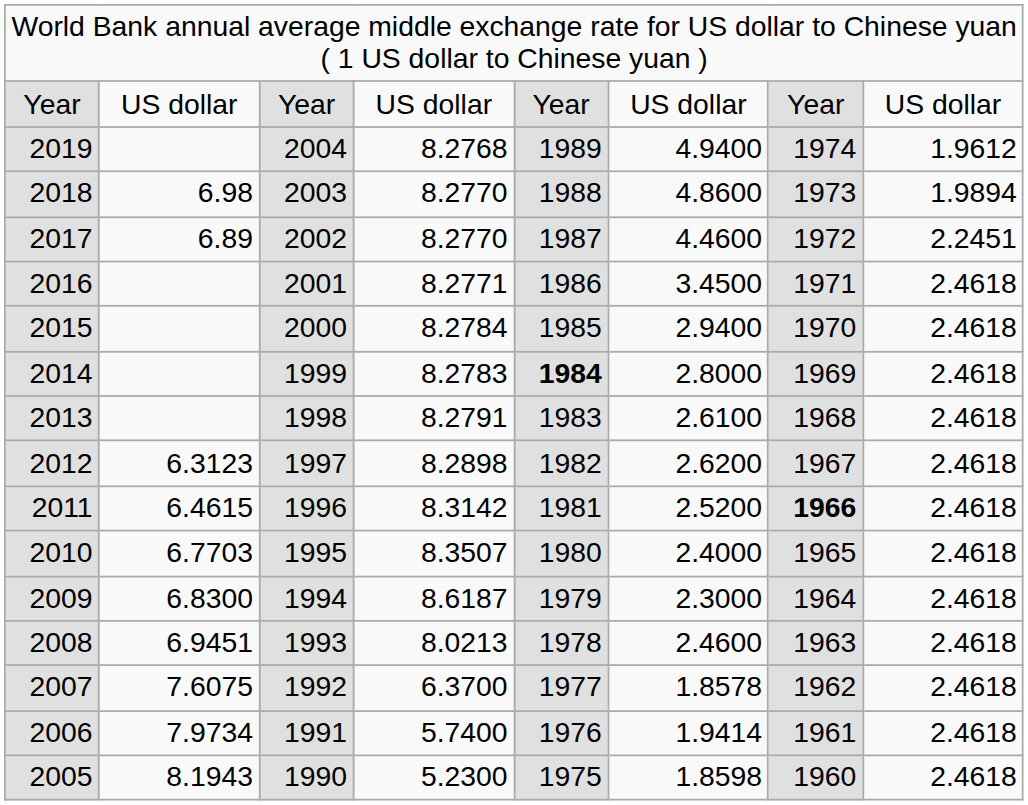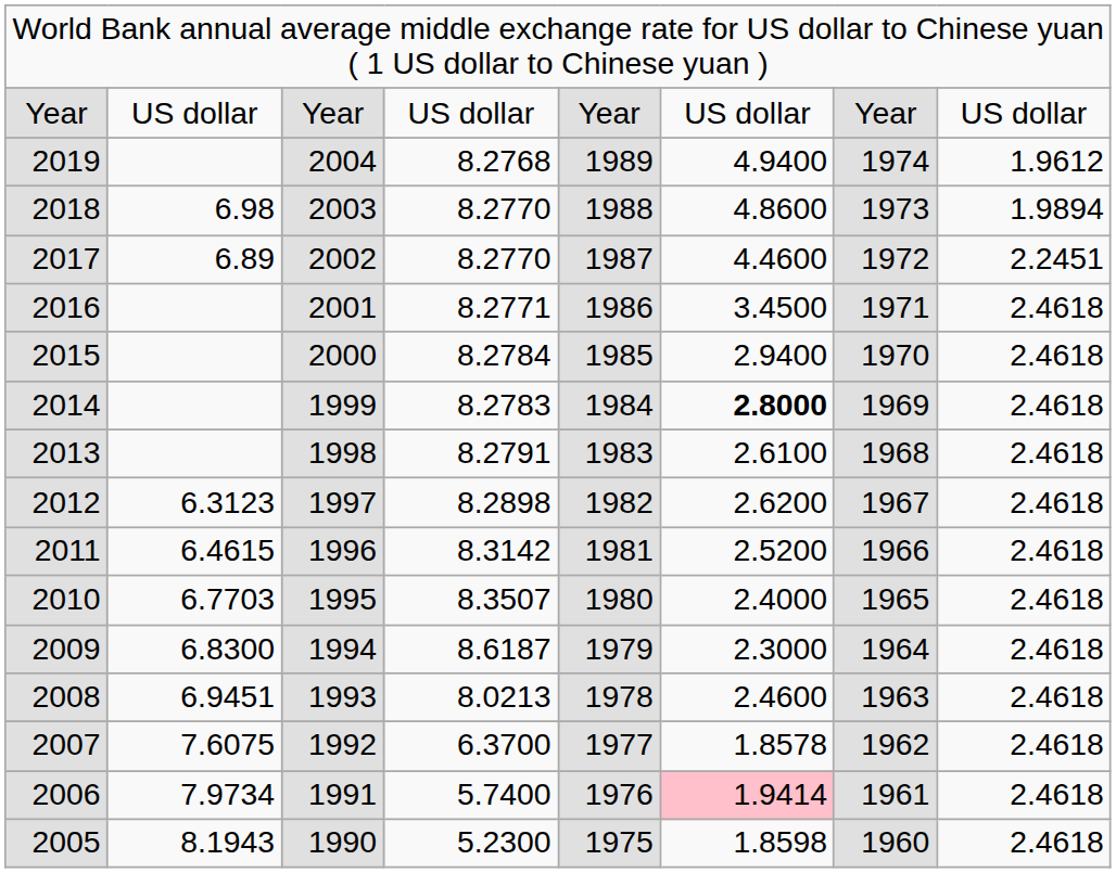 <table class="wikitable">
 <tr align=center>
 <td colspan=8>World Bank annual average middle exchange rate for US dollar to Chinese yuan<br>( 1 US dollar to Chinese yuan )</td>
 </tr>
 <tr align=center>
 <td bgcolor=#E0E0E0>Year</td>
 <td>US dollar</td>
 <td bgcolor=#E0E0E0>Year</td>
 <td>US dollar</td>
 <td bgcolor=#E0E0E0>Year</td>
 <td>US dollar</td>
 <td bgcolor=#E0E0E0>Year</td>
 <td>US dollar</td>
 </tr>
 <tr align=right>
 <td bgcolor=#E0E0E0>2019</td>
 <td></td>
 <td bgcolor=#E0E0E0>2004</td>
 <td>8.2768</td>
 <td bgcolor=#E0E0E0>1989</td>
 <td>4.9400</td>
 <td bgcolor=#E0E0E0>1974</td>
 <td>1.9612</td>
 </tr>
 <tr align=right>
 <td bgcolor=#E0E0E0>2018</td>
 <td>6.98</td>
 <td bgcolor="#E0E0E0">2003</td>
 <td>8.2770</td>
 <td bgcolor=#E0E0E0>1988</td>
 <td>4.8600</td>
 <td bgcolor=#E0E0E0>1973</td>
 <td>1.9894</td>
 </tr>
 <tr align=right>
 <td bgcolor=#E0E0E0>2017</td>
 <td>6.89</td>
 <td bgcolor="#E0E0E0">2002</td>
 <td>8.2770</td>
 <td bgcolor=#E0E0E0>1987</td>
 <td>4.4600</td>
 <td bgcolor=#E0E0E0>1972</td>
 <td>2.2451</td>
 </tr>
 <tr align=right>
 <td bgcolor=#E0E0E0>2016</td>
 <td></td>
 <td bgcolor=#E0E0E0>2001</td>
 <td>8.2771</td>
 <td bgcolor=#E0E0E0>1986</td>
 <td>3.4500</td>
 <td bgcolor=#E0E0E0>1971</td>
 <td>2.4618</td>
 </tr>
 <tr align=right>
 <td bgcolor=#E0E0E0>2015</td>
 <td></td>
 <td bgcolor=#E0E0E0>2000</td>
 <td>8.2784</td>
 <td bgcolor=#E0E0E0>1985</td>
 <td>2.9400</td>
 <td bgcolor=#E0E0E0>1970</td>
 <td>2.4618</td>
 </tr>
 <tr align=right>
 <td bgcolor=#E0E0E0>2014</td>
 <td></td>
 <td bgcolor=#E0E0E0>1999</td>
 <td>8.2783</td>
-<td bgcolor=#E0E0E0><strong>1984</strong></td>
-<td>2.8000</td>
+<td bgcolor=#E0E0E0>1984</td>
+<td><strong>2.8000</strong></td>
 <td bgcolor=#E0E0E0>1969</td>
 <td>2.4618</td>
 </tr>
 <tr align=right>
 <td bgcolor=#E0E0E0>2013</td>
 <td></td>
 <td bgcolor=#E0E0E0>1998</td>
 <td>8.2791</td>
 <td bgcolor=#E0E0E0>1983</td>
 <td>2.6100</td>
 <td bgcolor=#E0E0E0>1968</td>
 <td>2.4618</td>
 </tr>
 <tr align=right>
 <td bgcolor=#E0E0E0>2012</td>
 <td>6.3123</td>
 <td bgcolor=#E0E0E0>1997</td>
 <td>8.2898</td>
 <td bgcolor=#E0E0E0>1982</td>
 <td>2.6200</td>
 <td bgcolor=#E0E0E0>1967</td>
 <td>2.4618</td>
 </tr>
 <tr align=right>
 <td bgcolor=#E0E0E0>2011</td>
 <td>6.4615</td>
 <td bgcolor=#E0E0E0>1996</td>
 <td>8.3142</td>
 <td bgcolor=#E0E0E0>1981</td>
 <td>2.5200</td>
-<td bgcolor=#E0E0E0><strong>1966</strong></td>
+<td bgcolor=#E0E0E0>1966</td>
 <td>2.4618</td>
 </tr>
 <tr align=right>
 <td bgcolor=#E0E0E0>2010</td>
 <td>6.7703</td>
 <td bgcolor=#E0E0E0>1995</td>
 <td>8.3507</td>
 <td bgcolor=#E0E0E0>1980</td>
 <td>2.4000</td>
 <td bgcolor=#E0E0E0>1965</td>
 <td>2.4618</td>
 </tr>
 <tr align=right>
 <td bgcolor=#E0E0E0>2009</td>
 <td>6.8300</td>
 <td bgcolor=#E0E0E0>1994</td>
 <td>8.6187</td>
 <td bgcolor=#E0E0E0>1979</td>
 <td>2.3000</td>
 <td bgcolor=#E0E0E0>1964</td>
 <td>2.4618</td>
 </tr>
 <tr align=right>
 <td bgcolor=#E0E0E0>2008</td>
 <td>6.9451</td>
 <td bgcolor=#E0E0E0>1993</td>
 <td>8.0213</td>
 <td bgcolor=#E0E0E0>1978</td>
 <td>2.4600</td>
 <td bgcolor=#E0E0E0>1963</td>
 <td>2.4618</td>
 </tr>
 <tr align=right>
 <td bgcolor=#E0E0E0>2007</td>
 <td>7.6075</td>
 <td bgcolor=#E0E0E0>1992</td>
 <td>6.3700</td>
 <td bgcolor=#E0E0E0>1977</td>
 <td>1.8578</td>
 <td bgcolor=#E0E0E0>1962</td>
 <td>2.4618</td>
 </tr>
 <tr align=right>
 <td bgcolor=#E0E0E0>2006</td>
 <td>7.9734</td>
 <td bgcolor=#E0E0E0>1991</td>
 <td>5.7400</td>
 <td bgcolor=#E0E0E0>1976</td>
-<td>1.9414</td>
+<td style="background: pink;">1.9414</td>
 <td bgcolor=#E0E0E0>1961</td>
 <td>2.4618</td>
 </tr>
 <tr align=right>
 <td bgcolor=#E0E0E0>2005</td>
 <td>8.1943</td>
 <td bgcolor=#E0E0E0>1990</td>
 <td>5.2300</td>
 <td bgcolor=#E0E0E0>1975</td>
 <td>1.8598</td>
 <td bgcolor=#E0E0E0>1960</td>
 <td>2.4618</td>
 </tr>
 </table>
